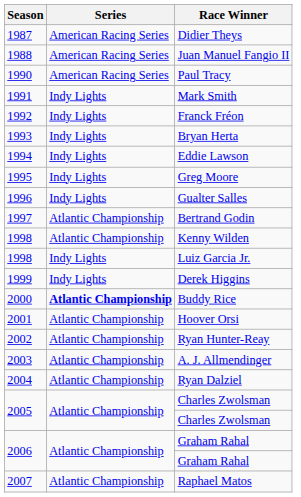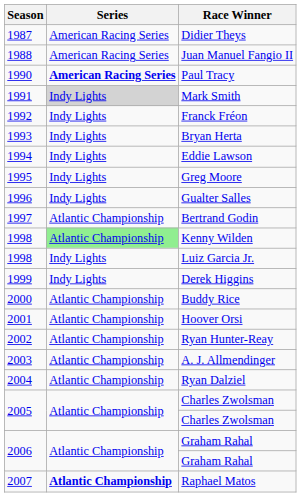 <table class="wikitable" style="font-size: 95%;">
 <tr>
 <th>Season</th>
 <th>Series</th>
 <th>Race Winner</th>
 </tr>
 <tr>
 <td><a href='#'>1987</a></td>
 <td><a href='#'>American Racing Series</a></td>
 <td> <a href='#'>Didier Theys</a></td>
 </tr>
 <tr>
 <td><a href='#'>1988</a></td>
 <td><a href='#'>American Racing Series</a></td>
 <td> <a href='#'>Juan Manuel Fangio II</a></td>
 </tr>
 <tr>
 <td><a href='#'>1990</a></td>
-<td><a href='#'>American Racing Series</a></td>
+<td><strong><a href='#'>American Racing Series</a></strong></td>
 <td> <a href='#'>Paul Tracy</a></td>
 </tr>
 <tr>
 <td><a href='#'>1991</a></td>
-<td><a href='#'>Indy Lights</a></td>
+<td style="background: lightgrey;"><a href='#'>Indy Lights</a></td>
 <td> <a href='#'>Mark Smith</a></td>
 </tr>
 <tr>
 <td><a href='#'>1992</a></td>
 <td><a href='#'>Indy Lights</a></td>
 <td> <a href='#'>Franck Fréon</a></td>
 </tr>
 <tr>
 <td><a href='#'>1993</a></td>
 <td><a href='#'>Indy Lights</a></td>
 <td> <a href='#'>Bryan Herta</a></td>
 </tr>
 <tr>
 <td><a href='#'>1994</a></td>
 <td><a href='#'>Indy Lights</a></td>
 <td> <a href='#'>Eddie Lawson</a></td>
 </tr>
 <tr>
 <td><a href='#'>1995</a></td>
 <td><a href='#'>Indy Lights</a></td>
 <td> <a href='#'>Greg Moore</a></td>
 </tr>
 <tr>
 <td><a href='#'>1996</a></td>
 <td><a href='#'>Indy Lights</a></td>
 <td> <a href='#'>Gualter Salles</a></td>
 </tr>
 <tr>
 <td><a href='#'>1997</a></td>
 <td><a href='#'>Atlantic Championship</a></td>
 <td> <a href='#'>Bertrand Godin</a></td>
 </tr>
 <tr>
 <td><a href='#'>1998</a></td>
-<td><a href='#'>Atlantic Championship</a></td>
+<td style="background: lightgreen;"><a href='#'>Atlantic Championship</a></td>
 <td> <a href='#'>Kenny Wilden</a></td>
 </tr>
 <tr>
 <td><a href='#'>1998</a></td>
 <td><a href='#'>Indy Lights</a></td>
 <td> <a href='#'>Luiz Garcia Jr.</a></td>
 </tr>
 <tr>
 <td><a href='#'>1999</a></td>
 <td><a href='#'>Indy Lights</a></td>
 <td> <a href='#'>Derek Higgins</a></td>
 </tr>
 <tr>
 <td><a href='#'>2000</a></td>
-<td><strong><a href='#'>Atlantic Championship</a></strong></td>
+<td><a href='#'>Atlantic Championship</a></td>
 <td> <a href='#'>Buddy Rice</a></td>
 </tr>
 <tr>
 <td><a href='#'>2001</a></td>
 <td><a href='#'>Atlantic Championship</a></td>
 <td> <a href='#'>Hoover Orsi</a></td>
 </tr>
 <tr>
 <td><a href='#'>2002</a></td>
 <td><a href='#'>Atlantic Championship</a></td>
 <td> <a href='#'>Ryan Hunter-Reay</a></td>
 </tr>
 <tr>
 <td><a href='#'>2003</a></td>
 <td><a href='#'>Atlantic Championship</a></td>
 <td> <a href='#'>A. J. Allmendinger</a></td>
 </tr>
 <tr>
 <td><a href='#'>2004</a></td>
 <td><a href='#'>Atlantic Championship</a></td>
 <td> <a href='#'>Ryan Dalziel</a></td>
 </tr>
 <tr>
 <td rowspan="2"><a href='#'>2005</a></td>
 <td rowspan="2"><a href='#'>Atlantic Championship</a></td>
 <td> <a href='#'>Charles Zwolsman</a></td>
 </tr>
 <tr>
 <td> <a href='#'>Charles Zwolsman</a></td>
 </tr>
 <tr>
 <td rowspan="2"><a href='#'>2006</a></td>
 <td rowspan="2"><a href='#'>Atlantic Championship</a></td>
 <td> <a href='#'>Graham Rahal</a></td>
 </tr>
 <tr>
 <td> <a href='#'>Graham Rahal</a></td>
 </tr>
 <tr>
 <td><a href='#'>2007</a></td>
-<td><a href='#'>Atlantic Championship</a></td>
+<td><strong><a href='#'>Atlantic Championship</a></strong></td>
 <td> <a href='#'>Raphael Matos</a></td>
 </tr>
 </table>
